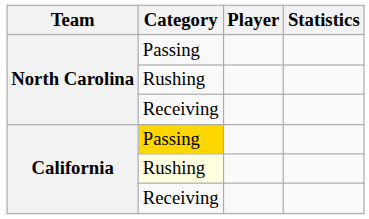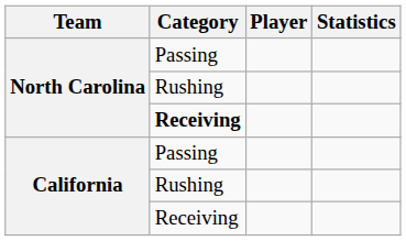 <table class="wikitable" style="float:right">
 <tr>
 <th>Team</th>
 <th>Category</th>
 <th>Player</th>
 <th>Statistics</th>
 </tr>
 <tr>
 <th rowspan=3>North Carolina</th>
 <td>Passing</td>
 <td></td>
 <td></td>
 </tr>
 <tr>
 <td>Rushing</td>
 <td></td>
 <td></td>
 </tr>
 <tr>
-<td>Receiving</td>
+<td><strong>Receiving</strong></td>
 <td></td>
 <td></td>
 </tr>
 <tr>
 <th rowspan=3>California</th>
-<td style="background: gold;">Passing</td>
+<td>Passing</td>
 <td></td>
 <td></td>
 </tr>
 <tr>
-<td style="background: lightyellow;">Rushing</td>
+<td>Rushing</td>
 <td></td>
 <td></td>
 </tr>
 <tr>
 <td>Receiving</td>
 <td></td>
 <td></td>
 </tr>
 </table>
